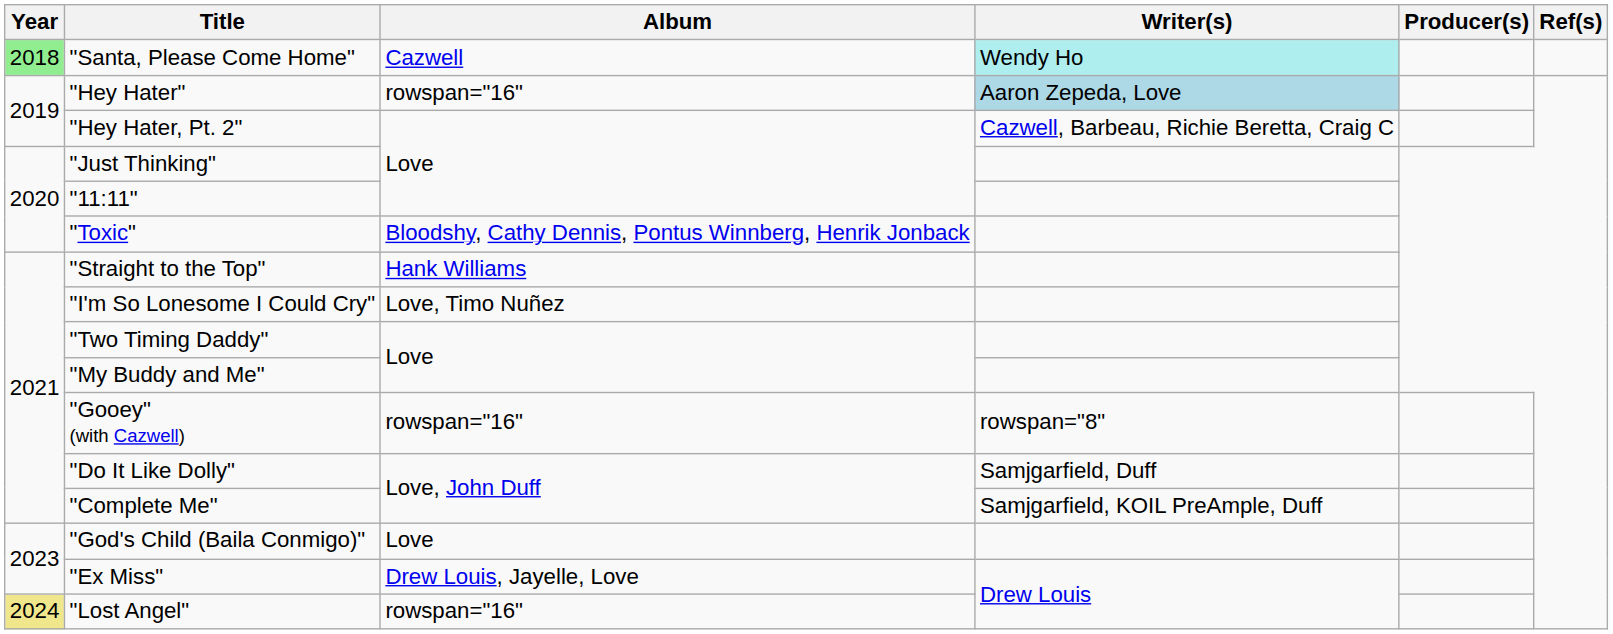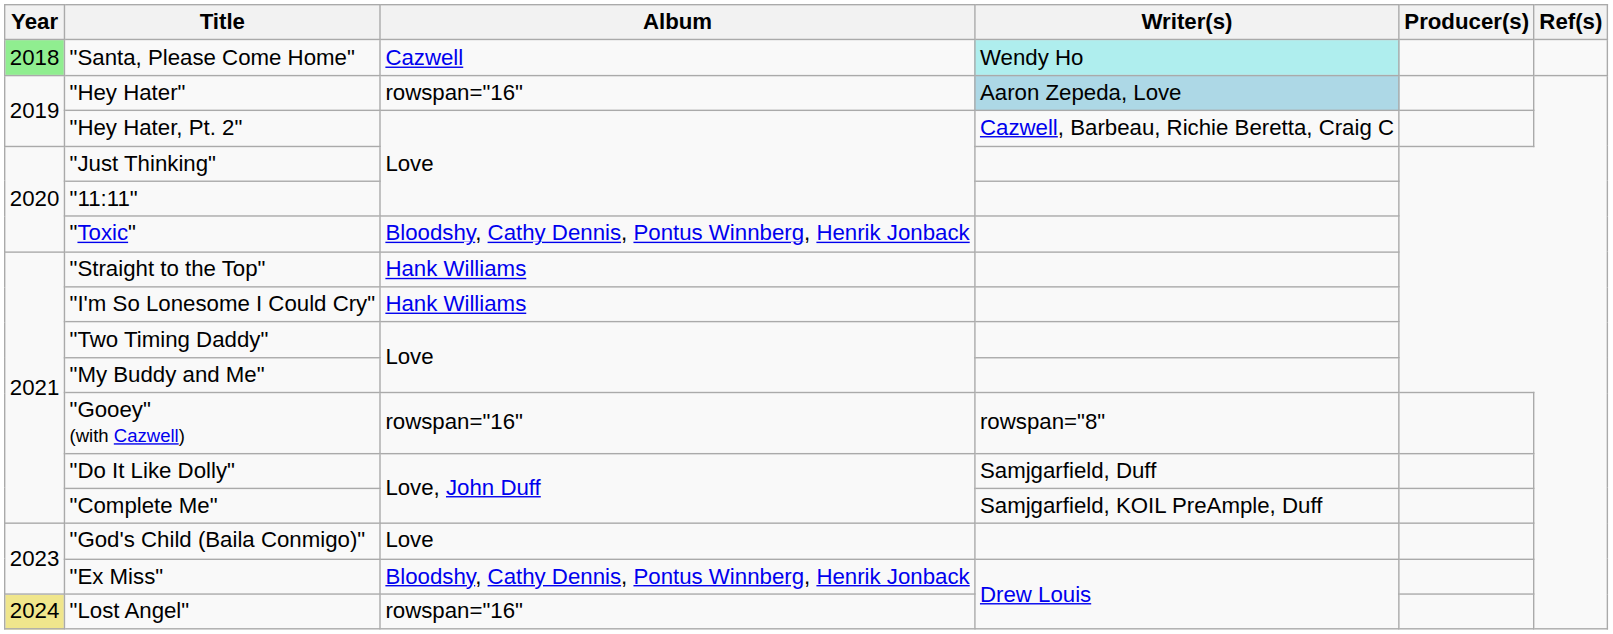 <table class="wikitable">
 <tr>
 <th>Year</th>
 <th>Title</th>
 <th>Album</th>
 <th>Writer(s)</th>
 <th>Producer(s)</th>
 <th>Ref(s)</th>
 </tr>
 <tr>
 <td style="background: lightgreen;">2018</td>
 <td>"Santa, Please Come Home"</td>
 <td><a href='#'>Cazwell</a></td>
 <td style="background: paleturquoise;">Wendy Ho</td>
 <td></td>
 <td></td>
 </tr>
 <tr>
 <td rowspan="2">2019</td>
 <td>"Hey Hater"</td>
 <td>rowspan="16"</td>
 <td style="background: lightblue;">Aaron Zepeda, Love</td>
 <td></td>
 </tr>
 <tr>
 <td>"Hey Hater, Pt. 2"</td>
 <td rowspan="3">Love</td>
 <td><a href='#'>Cazwell</a>, Barbeau, Richie Beretta, Craig C</td>
 <td></td>
 </tr>
 <tr>
 <td rowspan="3">2020</td>
 <td>"Just Thinking"</td>
 <td></td>
 </tr>
 <tr>
 <td>"11:11"</td>
 <td></td>
 </tr>
 <tr>
 <td>"<a href='#'>Toxic</a>"</td>
 <td><a href='#'>Bloodshy</a>, <a href='#'>Cathy Dennis</a>, <a href='#'>Pontus Winnberg</a>, <a href='#'>Henrik Jonback</a></td>
 <td></td>
 </tr>
 <tr>
 <td rowspan="7">2021</td>
 <td>"Straight to the Top"</td>
 <td><a href='#'>Hank Williams</a></td>
 <td></td>
 </tr>
 <tr>
 <td>"I'm So Lonesome I Could Cry"</td>
-<td>Love, Timo Nuñez</td>
+<td><a href='#'>Hank Williams</a></td>
 <td></td>
 </tr>
 <tr>
 <td>"Two Timing Daddy"</td>
 <td rowspan="2">Love</td>
 <td></td>
 </tr>
 <tr>
 <td>"My Buddy and Me"</td>
 <td></td>
 </tr>
 <tr>
 <td>"Gooey"<br><small>(with <a href='#'>Cazwell</a>)</small></td>
 <td>rowspan="16"</td>
 <td>rowspan="8"</td>
 <td></td>
 </tr>
 <tr>
 <td>"Do It Like Dolly"</td>
 <td rowspan="2">Love, <a href='#'>John Duff</a></td>
 <td>Samjgarfield, Duff</td>
 <td></td>
 </tr>
 <tr>
 <td>"Complete Me"</td>
 <td>Samjgarfield, KOIL PreAmple, Duff</td>
 <td></td>
 </tr>
 <tr>
 <td rowspan="2">2023</td>
 <td>"God's Child (Baila Conmigo)" </td>
 <td>Love</td>
 <td></td>
 <td></td>
 </tr>
 <tr>
 <td>"Ex Miss"</td>
-<td><a href='#'>Drew Louis</a>, Jayelle, Love</td>
+<td><a href='#'>Bloodshy</a>, <a href='#'>Cathy Dennis</a>, <a href='#'>Pontus Winnberg</a>, <a href='#'>Henrik Jonback</a></td>
 <td rowspan="2"><a href='#'>Drew Louis</a></td>
 <td></td>
 </tr>
 <tr>
 <td style="background: khaki;">2024</td>
 <td>"Lost Angel"</td>
 <td>rowspan="16"</td>
 <td></td>
 </tr>
 </table>
